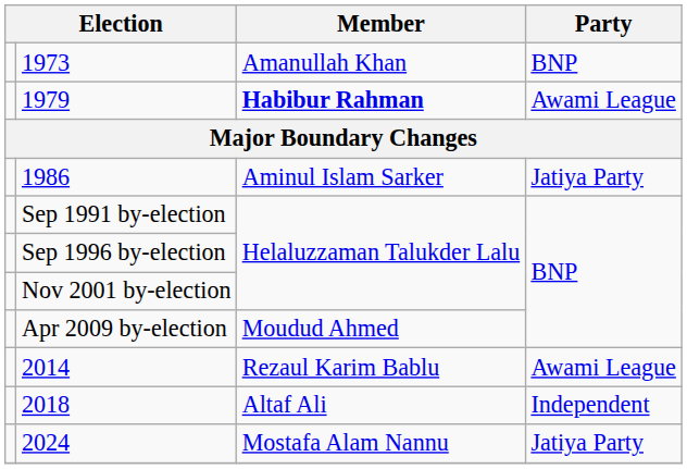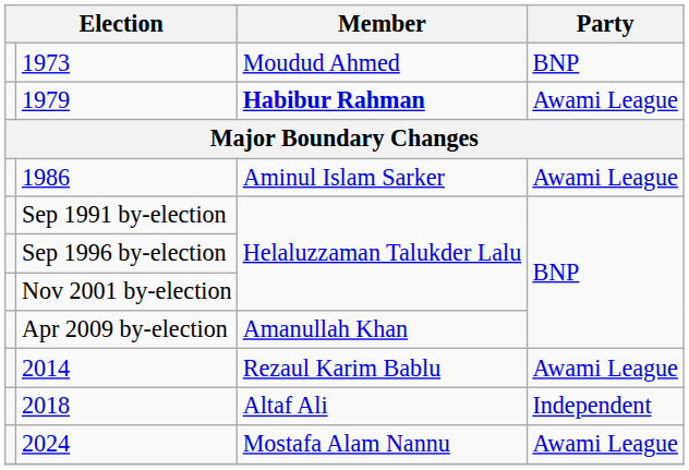 <table class="wikitable">
 <tr>
 <th colspan="2">Election</th>
 <th>Member</th>
 <th>Party</th>
 </tr>
 <tr>
 <td style="background-color:"></td>
 <td><a href='#'>1973</a></td>
-<td><a href='#'>Amanullah Khan</a></td>
+<td><a href='#'>Moudud Ahmed</a></td>
 <td><a href='#'>BNP</a></td>
 </tr>
 <tr>
 <td style="background-color:"></td>
 <td><a href='#'>1979</a></td>
 <td><strong><a href='#'>Habibur Rahman</a></strong></td>
 <td><a href='#'>Awami League</a></td>
 </tr>
 <tr>
 <th colspan="4">Major Boundary Changes</th>
 </tr>
 <tr>
 <td style="background-color:"></td>
 <td><a href='#'>1986</a></td>
 <td><a href='#'>Aminul Islam Sarker</a></td>
-<td><a href='#'>Jatiya Party</a></td>
+<td><a href='#'>Awami League</a></td>
 </tr>
 <tr>
 <td style="background-color:"></td>
 <td>Sep 1991 by-election</td>
 <td rowspan="3"><a href='#'>Helaluzzaman Talukder Lalu</a></td>
 <td rowspan="4"><a href='#'>BNP</a></td>
 </tr>
 <tr>
 <td style="background-color:"></td>
 <td>Sep 1996 by-election</td>
 </tr>
 <tr>
 <td style="background-color:"></td>
 <td>Nov 2001 by-election</td>
 </tr>
 <tr>
 <td style="background-color:"></td>
 <td>Apr 2009 by-election</td>
-<td><a href='#'>Moudud Ahmed</a></td>
+<td><a href='#'>Amanullah Khan</a></td>
 </tr>
 <tr>
 <td style="background-color:"></td>
 <td><a href='#'>2014</a></td>
 <td><a href='#'>Rezaul Karim Bablu</a></td>
 <td><a href='#'>Awami League</a></td>
 </tr>
 <tr>
 <td style="background-color:"></td>
 <td><a href='#'>2018</a></td>
 <td><a href='#'>Altaf Ali</a></td>
 <td><a href='#'>Independent</a></td>
 </tr>
 <tr>
 <td style="background-color:"></td>
 <td><a href='#'>2024</a></td>
 <td><a href='#'>Mostafa Alam Nannu</a></td>
-<td><a href='#'>Jatiya Party</a></td>
+<td><a href='#'>Awami League</a></td>
 </tr>
 <tr>
 </tr>
 </table>
